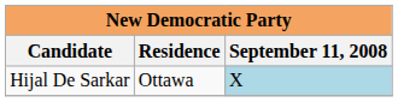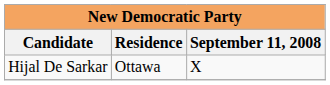 <table class="wikitable">
 <tr>
 <td align="center" bgcolor="sandybrown" colspan=3><strong>New Democratic Party</strong></td>
 </tr>
 <tr>
 <th align="left">Candidate</th>
 <th align="center">Residence</th>
 <th align="left">September 11, 2008</th>
 </tr>
 <tr>
 <td>Hijal De Sarkar</td>
 <td>Ottawa</td>
-<td style="background: lightblue;">X</td>
+<td>X</td>
 </tr>
 <tr>
 </tr>
 </table>
